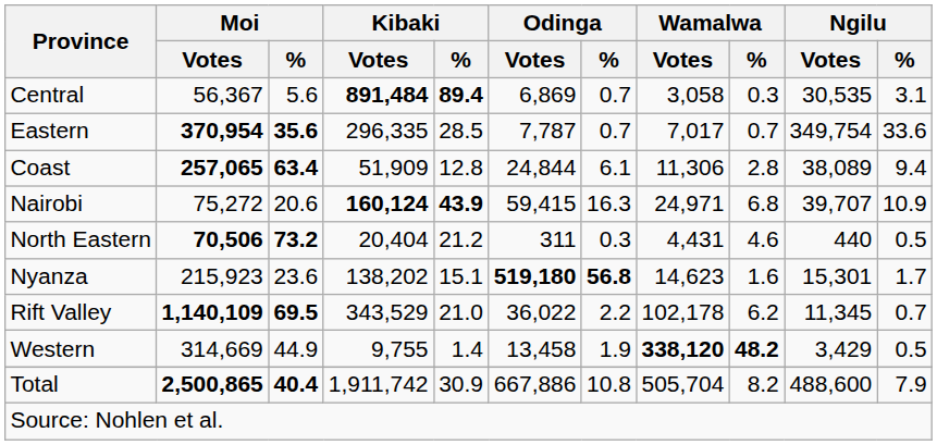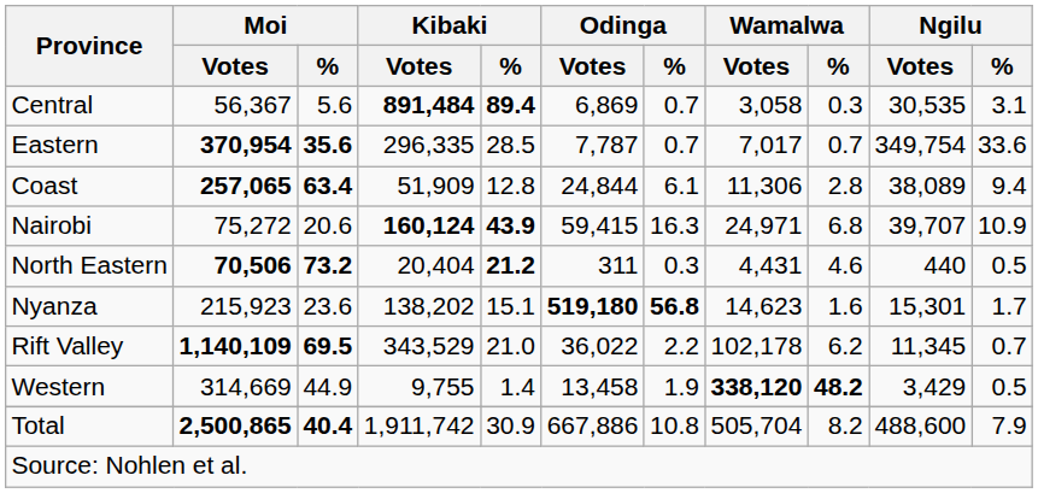 <table class="wikitable sortable" style=text-align:right>
 <tr>
 <th rowspan=2>Province</th>
 <th colspan=2>Moi</th>
 <th colspan=2>Kibaki</th>
 <th colspan=2>Odinga</th>
 <th colspan=2>Wamalwa</th>
 <th colspan=2>Ngilu</th>
 </tr>
 <tr>
 <th>Votes</th>
 <th>%</th>
 <th>Votes</th>
 <th>%</th>
 <th>Votes</th>
 <th>%</th>
 <th>Votes</th>
 <th>%</th>
 <th>Votes</th>
 <th>%</th>
 </tr>
 <tr>
 <td align=left>Central</td>
 <td>56,367</td>
 <td>5.6</td>
 <td><strong>891,484</strong></td>
 <td><strong>89.4</strong></td>
 <td>6,869</td>
 <td>0.7</td>
 <td>3,058</td>
 <td>0.3</td>
 <td>30,535</td>
 <td>3.1</td>
 </tr>
 <tr>
 <td align=left>Eastern</td>
 <td><strong>370,954</strong></td>
 <td><strong>35.6</strong></td>
 <td>296,335</td>
 <td>28.5</td>
 <td>7,787</td>
 <td>0.7</td>
 <td>7,017</td>
 <td>0.7</td>
 <td>349,754</td>
 <td>33.6</td>
 </tr>
 <tr>
 <td align=left>Coast</td>
 <td><strong>257,065</strong></td>
 <td><strong>63.4</strong></td>
 <td>51,909</td>
 <td>12.8</td>
 <td>24,844</td>
 <td>6.1</td>
 <td>11,306</td>
 <td>2.8</td>
 <td>38,089</td>
 <td>9.4</td>
 </tr>
 <tr>
 <td align=left>Nairobi</td>
 <td>75,272</td>
 <td>20.6</td>
 <td><strong>160,124</strong></td>
 <td><strong>43.9</strong></td>
 <td>59,415</td>
 <td>16.3</td>
 <td>24,971</td>
 <td>6.8</td>
 <td>39,707</td>
 <td>10.9</td>
 </tr>
 <tr>
 <td align=left>North Eastern</td>
 <td><strong>70,506</strong></td>
 <td><strong>73.2</strong></td>
 <td>20,404</td>
-<td>21.2</td>
+<td><strong>21.2</strong></td>
 <td>311</td>
 <td>0.3</td>
 <td>4,431</td>
 <td>4.6</td>
 <td>440</td>
 <td>0.5</td>
 </tr>
 <tr>
 <td align=left>Nyanza</td>
 <td>215,923</td>
 <td>23.6</td>
 <td>138,202</td>
 <td>15.1</td>
 <td><strong>519,180</strong></td>
 <td><strong>56.8</strong></td>
 <td>14,623</td>
 <td>1.6</td>
 <td>15,301</td>
 <td>1.7</td>
 </tr>
 <tr>
 <td align=left>Rift Valley</td>
 <td><strong>1,140,109</strong></td>
 <td><strong>69.5</strong></td>
 <td>343,529</td>
 <td>21.0</td>
 <td>36,022</td>
 <td>2.2</td>
 <td>102,178</td>
 <td>6.2</td>
 <td>11,345</td>
 <td>0.7</td>
 </tr>
 <tr>
 <td align=left>Western</td>
 <td>314,669</td>
 <td>44.9</td>
 <td>9,755</td>
 <td>1.4</td>
 <td>13,458</td>
 <td>1.9</td>
 <td><strong>338,120</strong></td>
 <td><strong>48.2</strong></td>
 <td>3,429</td>
 <td>0.5</td>
 </tr>
 <tr>
 </tr>
 <tr class=sortbottom>
 <td align=left>Total</td>
 <td><strong>2,500,865</strong></td>
 <td><strong>40.4</strong></td>
 <td>1,911,742</td>
 <td>30.9</td>
 <td>667,886</td>
 <td>10.8</td>
 <td>505,704</td>
 <td>8.2</td>
 <td>488,600</td>
 <td>7.9</td>
 </tr>
 <tr class=sortbottom>
 <td align=left colspan=16>Source: Nohlen et al.</td>
 </tr>
 </table>
